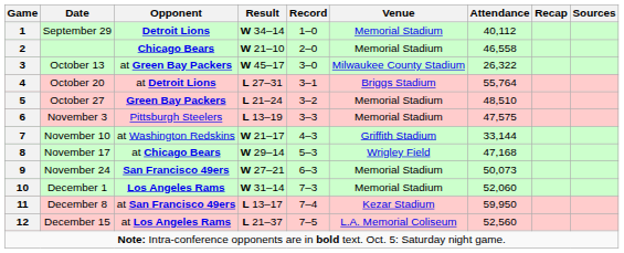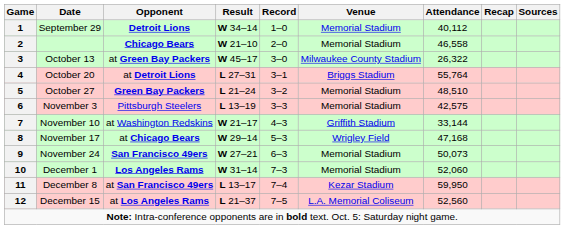 <table class="wikitable" style="text-align:center">
 <tr>
 <th>Game</th>
 <th>Date</th>
 <th>Opponent</th>
 <th>Result</th>
 <th>Record</th>
 <th>Venue</th>
 <th>Attendance</th>
 <th>Recap</th>
 <th>Sources</th>
 </tr>
 <tr style="background:#cfc">
 <th>1</th>
 <td>September 29</td>
 <td><strong><a href='#'>Detroit Lions</a></strong></td>
 <td><strong>W</strong> 34–14</td>
 <td>1–0</td>
 <td><a href='#'>Memorial Stadium</a></td>
 <td>40,112</td>
 <td></td>
 <td></td>
 </tr>
 <tr style="background:#cfc">
 <th>2</th>
 <td></td>
 <td><strong><a href='#'>Chicago Bears</a></strong></td>
 <td><strong>W</strong> 21–10</td>
 <td>2–0</td>
 <td>Memorial Stadium</td>
 <td>46,558</td>
 <td></td>
 <td></td>
 </tr>
 <tr style="background:#cfc">
 <th>3</th>
 <td>October 13</td>
 <td>at <strong><a href='#'>Green Bay Packers</a></strong></td>
 <td><strong>W</strong> 45–17</td>
 <td>3–0</td>
 <td><a href='#'>Milwaukee County Stadium</a></td>
 <td>26,322</td>
 <td></td>
 <td></td>
 </tr>
 <tr style="background:#fcc">
 <th>4</th>
 <td>October 20</td>
 <td>at <strong><a href='#'>Detroit Lions</a></strong></td>
 <td><strong>L</strong> 27–31</td>
 <td>3–1</td>
 <td><a href='#'>Briggs Stadium</a></td>
 <td>55,764</td>
 <td></td>
 <td></td>
 </tr>
 <tr style="background:#fcc">
 <th>5</th>
 <td>October 27</td>
 <td><strong><a href='#'>Green Bay Packers</a></strong></td>
 <td><strong>L</strong> 21–24</td>
 <td>3–2</td>
 <td>Memorial Stadium</td>
 <td>48,510</td>
 <td></td>
 <td></td>
 </tr>
 <tr style="background:#fcc">
 <th>6</th>
 <td>November 3</td>
 <td><a href='#'>Pittsburgh Steelers</a></td>
 <td><strong>L</strong> 13–19</td>
 <td>3–3</td>
 <td>Memorial Stadium</td>
-<td>47,575</td>
+<td>42,575</td>
 <td></td>
 <td></td>
 </tr>
 <tr style="background:#cfc">
 <th>7</th>
 <td>November 10</td>
 <td>at <a href='#'>Washington Redskins</a></td>
 <td><strong>W</strong> 21–17</td>
 <td>4–3</td>
 <td><a href='#'>Griffith Stadium</a></td>
 <td>33,144</td>
 <td></td>
 <td></td>
 </tr>
 <tr style="background:#cfc">
 <th>8</th>
 <td>November 17</td>
 <td>at <strong><a href='#'>Chicago Bears</a></strong></td>
 <td><strong>W</strong> 29–14</td>
 <td>5–3</td>
 <td><a href='#'>Wrigley Field</a></td>
 <td>47,168</td>
 <td></td>
 <td></td>
 </tr>
 <tr style="background:#cfc">
 <th>9</th>
 <td>November 24</td>
 <td><strong><a href='#'>San Francisco 49ers</a></strong></td>
 <td><strong>W</strong> 27–21</td>
 <td>6–3</td>
 <td>Memorial Stadium</td>
 <td>50,073</td>
 <td></td>
 <td></td>
 </tr>
 <tr style="background:#cfc">
 <th>10</th>
 <td>December 1</td>
 <td><strong><a href='#'>Los Angeles Rams</a></strong></td>
 <td><strong>W</strong> 31–14</td>
 <td>7–3</td>
 <td>Memorial Stadium</td>
 <td>52,060</td>
 <td></td>
 <td></td>
 </tr>
 <tr style="background:#fcc">
 <th>11</th>
 <td>December 8</td>
 <td>at <strong><a href='#'>San Francisco 49ers</a></strong></td>
 <td><strong>L</strong> 13–17</td>
 <td>7–4</td>
 <td><a href='#'>Kezar Stadium</a></td>
 <td>59,950</td>
 <td></td>
 <td></td>
 </tr>
 <tr style="background:#fcc">
 <th>12</th>
 <td>December 15</td>
 <td>at <strong><a href='#'>Los Angeles Rams</a></strong></td>
 <td><strong>L</strong> 21–37</td>
 <td>7–5</td>
 <td><a href='#'>L.A. Memorial Coliseum</a></td>
 <td>52,560</td>
 <td></td>
 <td></td>
 </tr>
 <tr>
 <td colspan="10"><strong>Note:</strong> Intra-conference opponents are in <strong>bold</strong> text. Oct. 5: Saturday night game.</td>
 </tr>
 </table>
